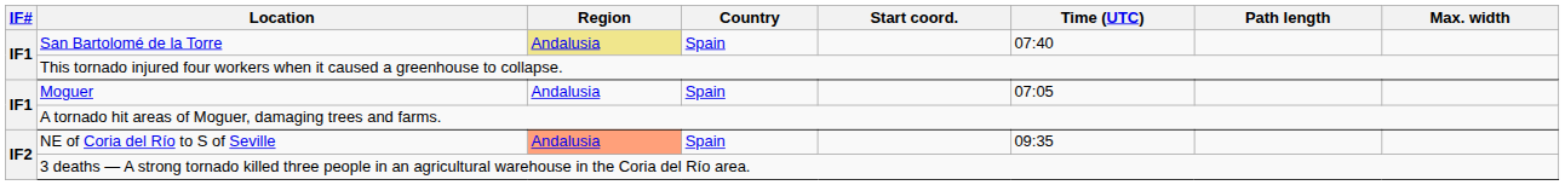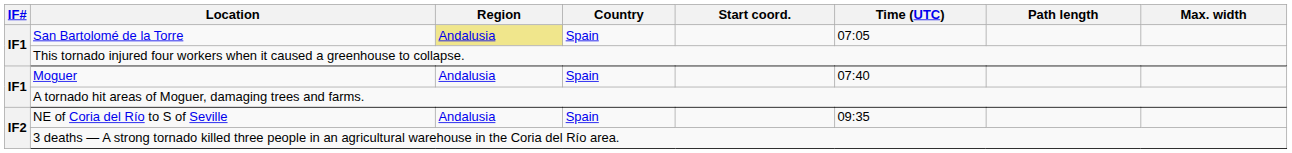 <table class="wikitable sortable" style="width:100%;">
 <tr>
 <th scope="col" width="2%" align="center"><a href='#'>IF#</a></th>
 <th scope="col" align="center" class="unsortable">Location</th>
 <th scope="col" align="center" class="unsortable">Region</th>
 <th scope="col" align="center">Country</th>
 <th scope="col" align="center">Start coord.</th>
 <th scope="col" align="center">Time (<a href='#'>UTC</a>)</th>
 <th scope="col" align="center">Path length</th>
 <th scope="col" align="center">Max. width</th>
 </tr>
 <tr>
 <th scope="row" rowspan="2" style="background-color:#">IF1</th>
 <td><a href='#'>San Bartolomé de la Torre</a></td>
 <td style="background: khaki;"><a href='#'>Andalusia</a></td>
 <td><a href='#'>Spain</a></td>
 <td></td>
-<td>07:40</td>
+<td>07:05</td>
 <td></td>
 <td></td>
 </tr>
 <tr class="expand-child">
 <td colspan="8" style=" border-bottom: 1px solid black;">This tornado injured four workers when it caused a greenhouse to collapse.</td>
 </tr>
 <tr>
 <th scope="row" rowspan="2" style="background-color:#">IF1</th>
 <td><a href='#'>Moguer</a></td>
 <td><a href='#'>Andalusia</a></td>
 <td><a href='#'>Spain</a></td>
 <td></td>
-<td>07:05</td>
+<td>07:40</td>
 <td></td>
 <td></td>
 </tr>
 <tr class="expand-child">
 <td colspan="8" style=" border-bottom: 1px solid black;">A tornado hit areas of Moguer, damaging trees and farms.</td>
 </tr>
 <tr>
 <th scope="row" rowspan="2" style="background-color:#">IF2</th>
 <td>NE of <a href='#'>Coria del Río</a> to S of <a href='#'>Seville</a></td>
-<td style="background: lightsalmon;"><a href='#'>Andalusia</a></td>
+<td><a href='#'>Andalusia</a></td>
 <td><a href='#'>Spain</a></td>
 <td></td>
 <td>09:35</td>
 <td></td>
 <td></td>
 </tr>
 <tr class="expand-child">
 <td colspan="8" style=" border-bottom: 1px solid black;">3 deaths — A strong tornado killed three people in an agricultural warehouse in the Coria del Río area.</td>
 </tr>
 </table>
